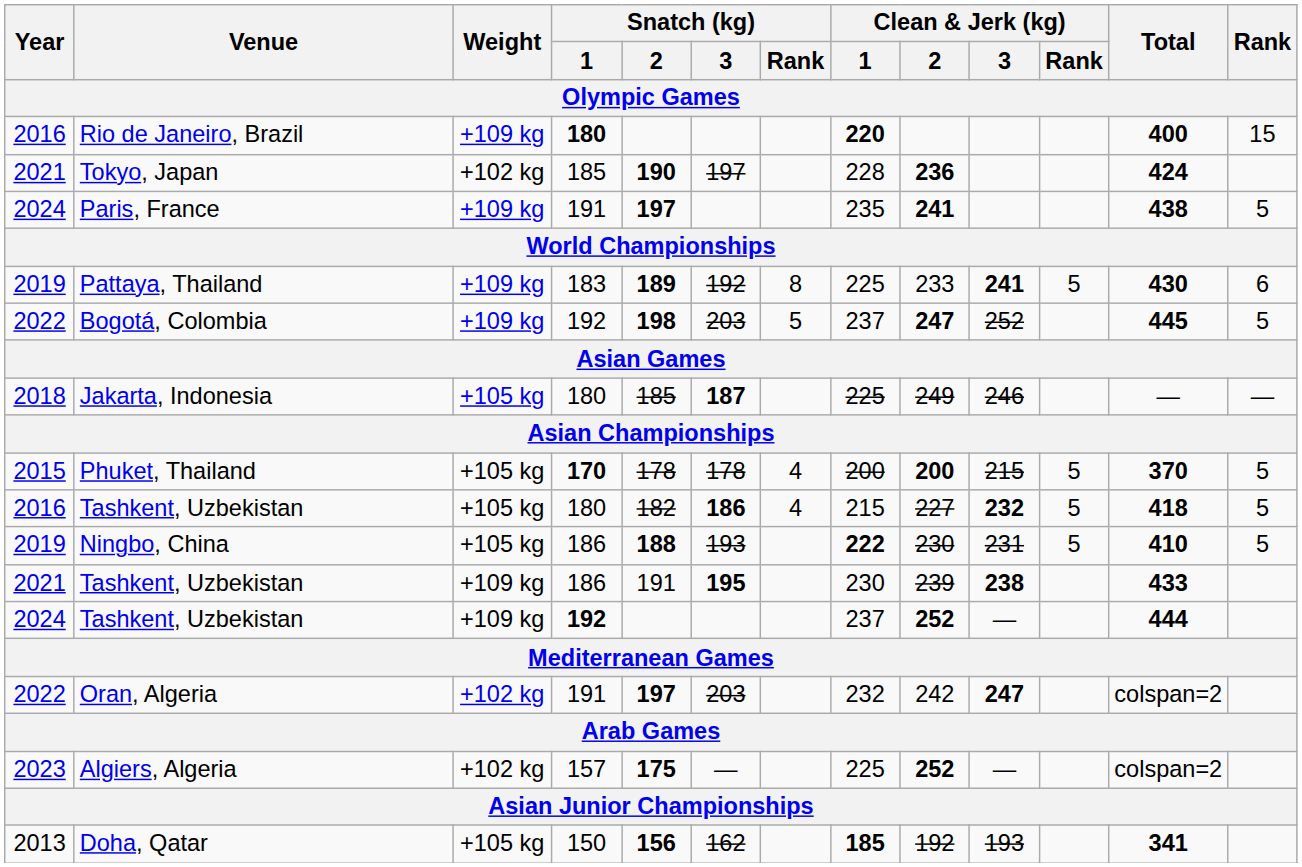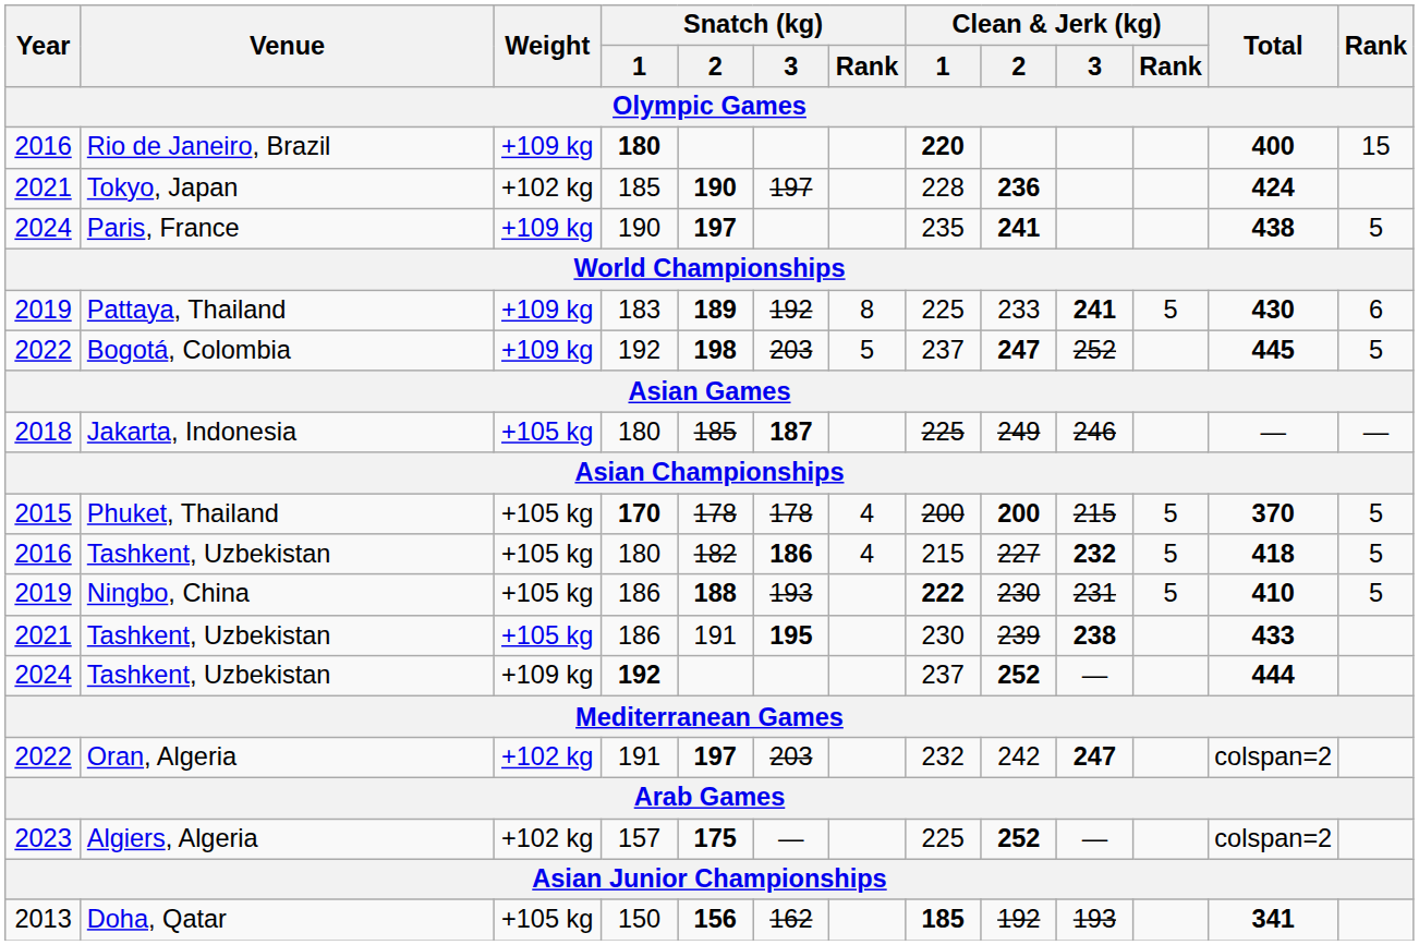 <table class = "wikitable" style="text-align:center;">
 <tr>
 <th rowspan=2 width=40>Year</th>
 <th rowspan=2 width=250>Venue</th>
 <th rowspan=2 width=60>Weight</th>
 <th colspan=4>Snatch (kg)</th>
 <th colspan=4>Clean & Jerk (kg)</th>
 <th rowspan=2 width=40>Total</th>
 <th rowspan=2 width=40>Rank</th>
 </tr>
 <tr>
 <th width=40>1</th>
 <th width=40>2</th>
 <th width=40>3</th>
 <th width=40>Rank</th>
 <th width=40>1</th>
 <th width=40>2</th>
 <th width=40>3</th>
 <th width=40>Rank</th>
 </tr>
 <tr>
 <th colspan=13><a href='#'>Olympic Games</a></th>
 </tr>
 <tr>
 <td><a href='#'>2016</a></td>
 <td align=left><a href='#'>Rio de Janeiro</a>, Brazil</td>
 <td><a href='#'>+109 kg</a></td>
 <td><strong>180</strong></td>
 <td></td>
 <td></td>
 <td></td>
 <td><strong>220</strong></td>
 <td></td>
 <td></td>
 <td></td>
 <td><strong>400</strong></td>
 <td>15</td>
 </tr>
 <tr>
 <td><a href='#'>2021</a></td>
 <td align=left><a href='#'>Tokyo</a>, Japan</td>
 <td>+102 kg</td>
 <td>185</td>
 <td><strong>190</strong></td>
 <td><s>197</s></td>
 <td></td>
 <td>228</td>
 <td><strong>236</strong></td>
 <td></td>
 <td></td>
 <td><strong>424</strong></td>
 <td></td>
 </tr>
 <tr>
 <td><a href='#'>2024</a></td>
 <td align=left><a href='#'>Paris</a>, France</td>
 <td><a href='#'>+109 kg</a></td>
-<td>191</td>
+<td>190</td>
 <td><strong>197</strong></td>
 <td></td>
 <td></td>
 <td>235</td>
 <td><strong>241</strong></td>
 <td></td>
 <td></td>
 <td><strong>438</strong></td>
 <td>5</td>
 </tr>
 <tr>
 <th colspan=13><a href='#'>World Championships</a></th>
 </tr>
 <tr>
 <td><a href='#'>2019</a></td>
 <td align=left><a href='#'>Pattaya</a>, Thailand</td>
 <td><a href='#'>+109 kg</a></td>
 <td>183</td>
 <td><strong>189</strong></td>
 <td><s>192</s></td>
 <td>8</td>
 <td>225</td>
 <td>233</td>
 <td><strong>241</strong></td>
 <td>5</td>
 <td><strong>430</strong></td>
 <td>6</td>
 </tr>
 <tr>
 <td><a href='#'>2022</a></td>
 <td align=left><a href='#'>Bogotá</a>, Colombia</td>
 <td><a href='#'>+109 kg</a></td>
 <td>192</td>
 <td><strong>198</strong></td>
 <td><s>203</s></td>
 <td>5</td>
 <td>237</td>
 <td><strong>247</strong></td>
 <td><s>252</s></td>
 <td></td>
 <td><strong>445</strong></td>
 <td>5</td>
 </tr>
 <tr>
 <th colspan="13"><a href='#'>Asian Games</a></th>
 </tr>
 <tr>
 <td><a href='#'>2018</a></td>
 <td align="left"><a href='#'>Jakarta</a>, Indonesia</td>
 <td><a href='#'>+105 kg</a></td>
 <td>180</td>
 <td><s>185</s></td>
 <td><strong>187</strong></td>
 <td></td>
 <td><s>225</s></td>
 <td><s>249</s></td>
 <td><s>246</s></td>
 <td></td>
 <td>—</td>
 <td>—</td>
 </tr>
 <tr>
 <th colspan=13><a href='#'>Asian Championships</a></th>
 </tr>
 <tr>
 <td><a href='#'>2015</a></td>
 <td align=left><a href='#'>Phuket</a>, Thailand</td>
 <td>+105 kg</td>
 <td><strong>170</strong></td>
 <td><s>178</s></td>
 <td><s>178</s></td>
 <td>4</td>
 <td><s>200</s></td>
 <td><strong>200</strong></td>
 <td><s>215</s></td>
 <td>5</td>
 <td><strong>370</strong></td>
 <td>5</td>
 </tr>
 <tr>
 <td><a href='#'>2016</a></td>
 <td align=left><a href='#'>Tashkent</a>, Uzbekistan</td>
 <td>+105 kg</td>
 <td>180</td>
 <td><s>182</s></td>
 <td><strong>186</strong></td>
 <td>4</td>
 <td>215</td>
 <td><s>227</s></td>
 <td><strong>232</strong></td>
 <td>5</td>
 <td><strong>418</strong></td>
 <td>5</td>
 </tr>
 <tr>
 <td><a href='#'>2019</a></td>
 <td align=left><a href='#'>Ningbo</a>, China</td>
 <td>+105 kg</td>
 <td>186</td>
 <td><strong>188</strong></td>
 <td><s>193</s></td>
 <td></td>
 <td><strong>222</strong></td>
 <td><s>230</s></td>
 <td><s>231</s></td>
 <td>5</td>
 <td><strong>410</strong></td>
 <td>5</td>
 </tr>
 <tr>
 <td><a href='#'>2021</a></td>
 <td align=left><a href='#'>Tashkent</a>, Uzbekistan</td>
-<td>+109 kg</td>
+<td><a href='#'>+105 kg</a></td>
 <td>186</td>
 <td>191</td>
 <td><strong>195</strong></td>
 <td></td>
 <td>230</td>
 <td><s>239</s></td>
 <td><strong>238</strong></td>
 <td></td>
 <td><strong>433</strong></td>
 <td></td>
 </tr>
 <tr>
 <td><a href='#'>2024</a></td>
 <td align="left"><a href='#'>Tashkent</a>, Uzbekistan</td>
 <td>+109 kg</td>
 <td><strong>192</strong></td>
 <td></td>
 <td></td>
 <td></td>
 <td>237</td>
 <td><strong>252</strong> </td>
 <td>—</td>
 <td></td>
 <td><strong>444</strong></td>
 <td></td>
 </tr>
 <tr>
 <th colspan=13><a href='#'>Mediterranean Games</a></th>
 </tr>
 <tr>
 <td><a href='#'>2022</a></td>
 <td align=left><a href='#'>Oran</a>, Algeria</td>
 <td><a href='#'>+102 kg</a></td>
 <td>191</td>
 <td><strong>197</strong></td>
 <td><s>203</s></td>
 <td></td>
 <td>232</td>
 <td>242</td>
 <td><strong>247</strong></td>
 <td></td>
 <td>colspan=2 </td>
 </tr>
 <tr>
 <th colspan=13><a href='#'>Arab Games</a></th>
 </tr>
 <tr>
 <td><a href='#'>2023</a></td>
 <td align=left><a href='#'>Algiers</a>, Algeria</td>
 <td>+102 kg</td>
 <td>157</td>
 <td><strong>175</strong></td>
 <td>—</td>
 <td></td>
 <td>225</td>
 <td><strong>252</strong></td>
 <td>—</td>
 <td></td>
 <td>colspan=2 </td>
 </tr>
 <tr>
 <th colspan=13><a href='#'>Asian Junior Championships</a></th>
 </tr>
 <tr>
 <td>2013</td>
 <td align=left><a href='#'>Doha</a>, Qatar</td>
 <td>+105 kg</td>
 <td>150</td>
 <td><strong>156</strong></td>
 <td><s>162</s></td>
 <td></td>
 <td><strong>185</strong></td>
 <td><s>192</s></td>
 <td><s>193</s></td>
 <td></td>
 <td><strong>341</strong></td>
 <td></td>
 </tr>
 </table>
